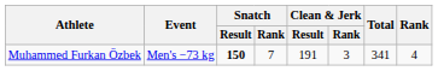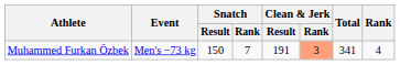 <table class="wikitable" style="font-size:90%">
 <tr>
 <th rowspan="2">Athlete</th>
 <th rowspan="2">Event</th>
 <th colspan="2">Snatch</th>
 <th colspan="2">Clean & Jerk</th>
 <th rowspan="2">Total</th>
 <th rowspan="2">Rank</th>
 </tr>
 <tr style="font-size:95%">
 <th>Result</th>
 <th>Rank</th>
 <th>Result</th>
 <th>Rank</th>
 </tr>
 <tr align=center>
 <td align=left><a href='#'>Muhammed Furkan Özbek</a></td>
 <td align=left><a href='#'>Men's −73 kg</a></td>
-<td><strong>150</strong></td>
+<td>150</td>
 <td>7</td>
 <td>191</td>
-<td>3</td>
+<td style="background: lightsalmon;">3</td>
 <td>341</td>
 <td>4</td>
 </tr>
 </table>
